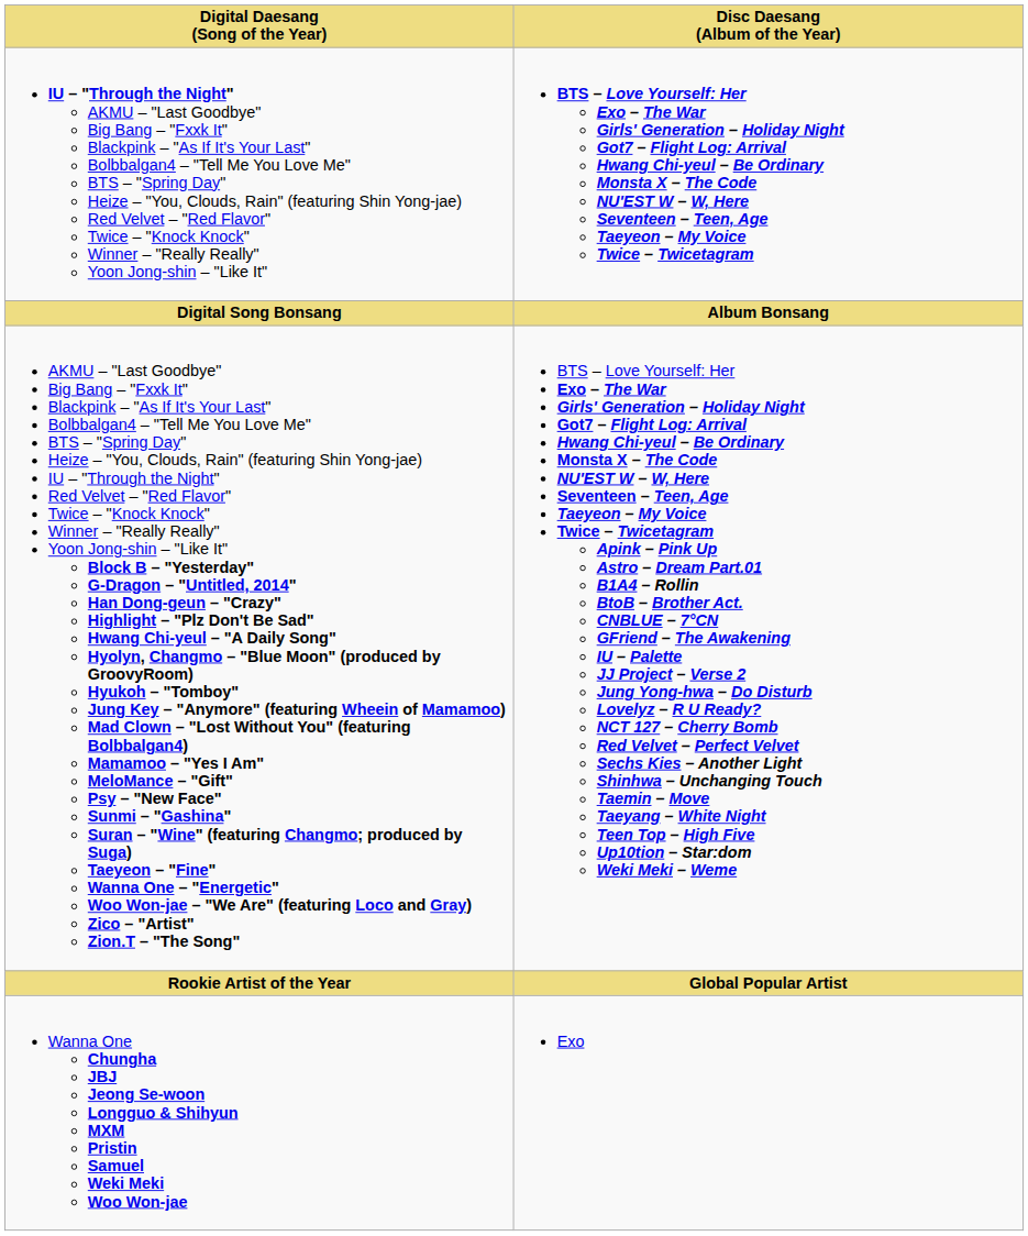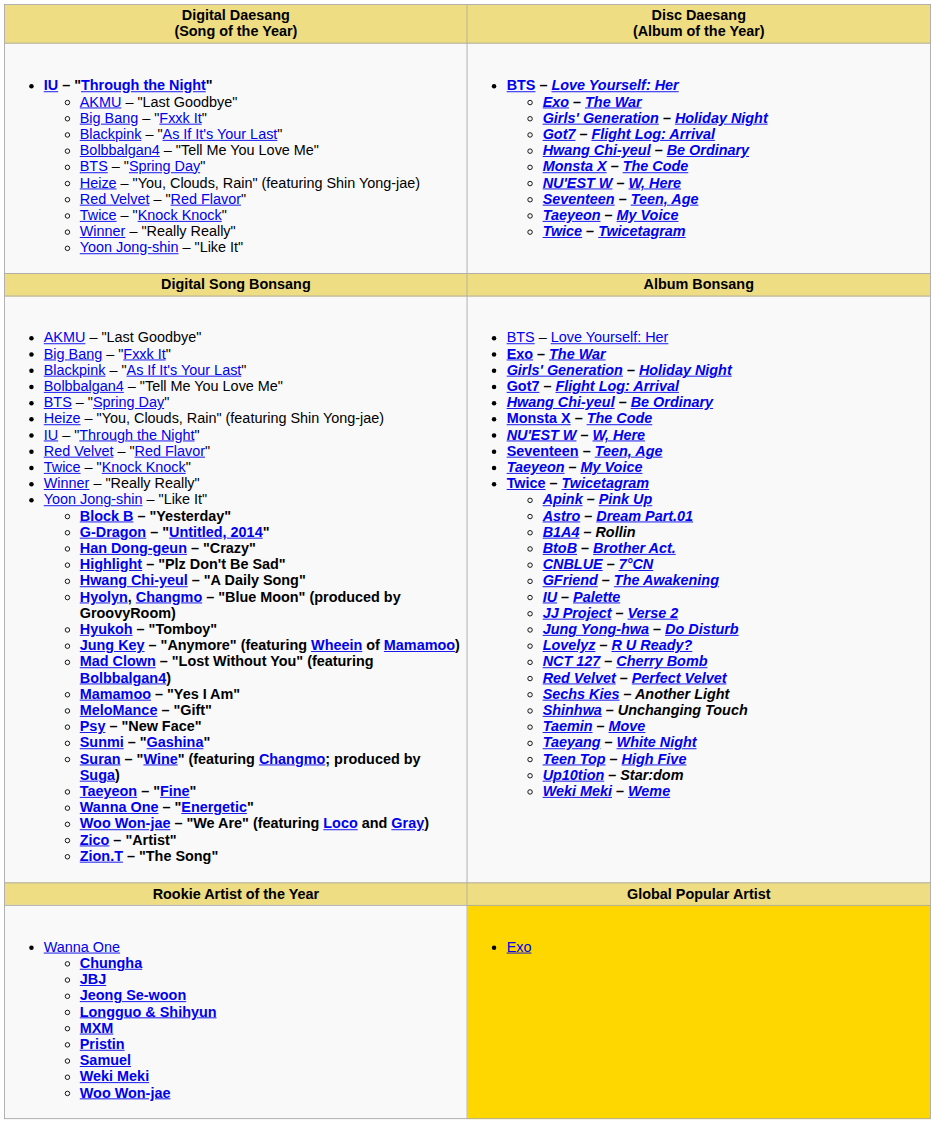 <table class="wikitable" style="width:65%">
 <tr>
 <th scope="col" style="background:#EEDD82; width:50%">Digital Daesang<br>(Song of the Year)</th>
 <th scope="col" style="background:#EEDD82; width:50%">Disc Daesang<br>(Album of the Year)</th>
 </tr>
 <tr>
 <td style="vertical-align:top"><br><ul><li><strong><a href='#'>IU</a> – "<a href='#'>Through the Night</a>"</strong><ul><li><a href='#'>AKMU</a> – "Last Goodbye"</li><li><a href='#'>Big Bang</a> – "<a href='#'>Fxxk It</a>"</li><li><a href='#'>Blackpink</a> – "<a href='#'>As If It's Your Last</a>"</li><li><a href='#'>Bolbbalgan4</a> – "Tell Me You Love Me"</li><li><a href='#'>BTS</a> – "<a href='#'>Spring Day</a>"</li><li><a href='#'>Heize</a> – "You, Clouds, Rain" (featuring Shin Yong-jae)</li><li><a href='#'>Red Velvet</a> – "<a href='#'>Red Flavor</a>"</li><li><a href='#'>Twice</a> – "<a href='#'>Knock Knock</a>"</li><li><a href='#'>Winner</a> – "Really Really"</li><li><a href='#'>Yoon Jong-shin</a> – "Like It"</li></ul></li></ul></td>
 <td style="vertical-align:top"><br><ul><li><strong><a href='#'>BTS</a> – <em><a href='#'>Love Yourself: Her</a><strong><em><ul><li><a href='#'>Exo</a> – </em><a href='#'>The War</a><em></li><li><a href='#'>Girls' Generation</a> – </em><a href='#'>Holiday Night</a><em></li><li><a href='#'>Got7</a> – </em><a href='#'>Flight Log: Arrival</a><em></li><li><a href='#'>Hwang Chi-yeul</a> – </em><a href='#'>Be Ordinary</a><em></li><li><a href='#'>Monsta X</a> – </em><a href='#'>The Code</a><em></li><li><a href='#'>NU'EST W</a> – </em><a href='#'>W, Here</a><em></li><li><a href='#'>Seventeen</a> – </em><a href='#'>Teen, Age</a><em></li><li><a href='#'>Taeyeon</a> – </em><a href='#'>My Voice</a><em></li><li><a href='#'>Twice</a> – </em><a href='#'>Twicetagram</a><em></li></ul></li></ul></td>
 </tr>
 <tr>
 <th scope="col" style="background:#EEDD82; width:50%">Digital Song Bonsang</th>
 <th scope="col" style="background:#EEDD82; width:50%">Album Bonsang</th>
 </tr>
 <tr>
 <td style="vertical-align:top"><br><ul><li></strong><a href='#'>AKMU</a> – "Last Goodbye"<strong></li><li></strong><a href='#'>Big Bang</a> – "<a href='#'>Fxxk It</a>"<strong></li><li></strong><a href='#'>Blackpink</a> – "<a href='#'>As If It's Your Last</a>"<strong></li><li></strong><a href='#'>Bolbbalgan4</a> – "Tell Me You Love Me"<strong></li><li></strong><a href='#'>BTS</a> – "<a href='#'>Spring Day</a>"<strong></li><li></strong><a href='#'>Heize</a> – "You, Clouds, Rain" (featuring Shin Yong-jae)<strong></li><li></strong><a href='#'>IU</a> – "<a href='#'>Through the Night</a>"<strong></li><li></strong><a href='#'>Red Velvet</a> – "<a href='#'>Red Flavor</a>"<strong></li><li></strong><a href='#'>Twice</a> – "<a href='#'>Knock Knock</a>"<strong></li><li></strong><a href='#'>Winner</a> – "Really Really"<strong></li><li></strong><a href='#'>Yoon Jong-shin</a> – "Like It"<strong><ul><li><a href='#'>Block B</a> – "Yesterday"</li><li><a href='#'>G-Dragon</a> – "<a href='#'>Untitled, 2014</a>"</li><li><a href='#'>Han Dong-geun</a> – "Crazy"</li><li><a href='#'>Highlight</a> – "Plz Don't Be Sad"</li><li><a href='#'>Hwang Chi-yeul</a> – "A Daily Song"</li><li><a href='#'>Hyolyn</a>, <a href='#'>Changmo</a> – "Blue Moon" (produced by GroovyRoom)</li><li><a href='#'>Hyukoh</a> – "Tomboy"</li><li><a href='#'>Jung Key</a> – "Anymore" (featuring <a href='#'>Wheein</a> of <a href='#'>Mamamoo</a>)</li><li><a href='#'>Mad Clown</a> – "Lost Without You" (featuring <a href='#'>Bolbbalgan4</a>)</li><li><a href='#'>Mamamoo</a> – "Yes I Am"</li><li><a href='#'>MeloMance</a> – "Gift"</li><li><a href='#'>Psy</a> – "New Face"</li><li><a href='#'>Sunmi</a> – "<a href='#'>Gashina</a>"</li><li><a href='#'>Suran</a> – "<a href='#'>Wine</a>" (featuring <a href='#'>Changmo</a>; produced by <a href='#'>Suga</a>)</li><li><a href='#'>Taeyeon</a> – "<a href='#'>Fine</a>"</li><li><a href='#'>Wanna One</a> – "<a href='#'>Energetic</a>"</li><li><a href='#'>Woo Won-jae</a> – "We Are" (featuring <a href='#'>Loco</a> and <a href='#'>Gray</a>)</li><li><a href='#'>Zico</a> – "Artist"</li><li><a href='#'>Zion.T</a> – "The Song"</li></ul></li></ul></td>
 <td style="vertical-align:top"><br><ul><li></strong><a href='#'>BTS</a> – </em><a href='#'>Love Yourself: Her</a></em></strong></li><li><strong><a href='#'>Exo</a> – <em><a href='#'>The War</a><strong><em></li><li></strong><a href='#'>Girls' Generation</a> – </em><a href='#'>Holiday Night</a></em></strong></li><li><strong><a href='#'>Got7</a> – <em><a href='#'>Flight Log: Arrival</a><strong><em></li><li></strong><a href='#'>Hwang Chi-yeul</a> – </em><a href='#'>Be Ordinary</a></em></strong></li><li><strong><a href='#'>Monsta X</a> – <em><a href='#'>The Code</a><strong><em></li><li></strong><a href='#'>NU'EST W</a> – </em><a href='#'>W, Here</a></em></strong></li><li><strong><a href='#'>Seventeen</a> – <em><a href='#'>Teen, Age</a><strong><em></li><li></strong><a href='#'>Taeyeon</a> – </em><a href='#'>My Voice</a></em></strong></li><li><strong><a href='#'>Twice</a> – <em><a href='#'>Twicetagram</a><strong><em><ul><li><a href='#'>Apink</a> – </em><a href='#'>Pink Up</a><em></li><li><a href='#'>Astro</a> – </em><a href='#'>Dream Part.01</a><em></li><li><a href='#'>B1A4</a> – </em>Rollin<em></li><li><a href='#'>BtoB</a> – </em><a href='#'>Brother Act.</a><em></li><li><a href='#'>CNBLUE</a> – </em><a href='#'>7°CN</a><em></li><li><a href='#'>GFriend</a> – </em><a href='#'>The Awakening</a><em></li><li><a href='#'>IU</a> – </em><a href='#'>Palette</a><em></li><li><a href='#'>JJ Project</a> – </em><a href='#'>Verse 2</a><em></li><li><a href='#'>Jung Yong-hwa</a> – </em><a href='#'>Do Disturb</a><em></li><li><a href='#'>Lovelyz</a> – </em><a href='#'>R U Ready?</a><em></li><li><a href='#'>NCT 127</a> – </em><a href='#'>Cherry Bomb</a><em></li><li><a href='#'>Red Velvet</a> – </em><a href='#'>Perfect Velvet</a><em></li><li><a href='#'>Sechs Kies</a> – </em>Another Light<em></li><li><a href='#'>Shinhwa</a> – </em>Unchanging Touch<em></li><li><a href='#'>Taemin</a> – </em><a href='#'>Move</a><em></li><li><a href='#'>Taeyang</a> – </em><a href='#'>White Night</a><em></li><li><a href='#'>Teen Top</a> – </em><a href='#'>High Five</a><em></li><li><a href='#'>Up10tion</a> – </em>Star:dom<em></li><li><a href='#'>Weki Meki</a> – </em><a href='#'>Weme</a><em></li></ul></li></ul></td>
 </tr>
 <tr>
 <th scope="col" style="background:#EEDD82; width:50%">Rookie Artist of the Year</th>
 <th scope="col" style="background:#EEDD82; width:50%">Global Popular Artist</th>
 </tr>
 <tr>
 <td style="vertical-align:top"><br><ul><li></strong><a href='#'>Wanna One</a><strong><ul><li><a href='#'>Chungha</a></li><li><a href='#'>JBJ</a></li><li><a href='#'>Jeong Se-woon</a></li><li><a href='#'>Longguo & Shihyun</a></li><li><a href='#'>MXM</a></li><li><a href='#'>Pristin</a></li><li><a href='#'>Samuel</a></li><li><a href='#'>Weki Meki</a></li><li><a href='#'>Woo Won-jae</a></li></ul></li></ul></td>
-<td style="vertical-align:top"><br><ul><li></strong><a href='#'>Exo</a><strong></li></ul></td>
+<td style="background: gold; vertical-align:top"><br><ul><li></strong><a href='#'>Exo</a><strong></li></ul></td>
 </tr>
 </table>
